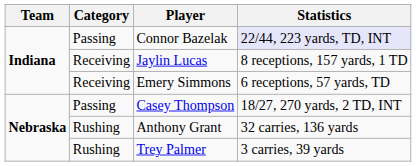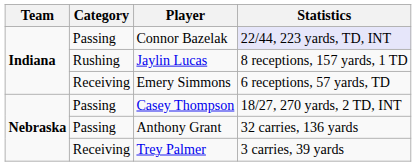 <table class="wikitable" style="float: right;">
 <tr>
 <th>Team</th>
 <th>Category</th>
 <th>Player</th>
 <th>Statistics</th>
 </tr>
 <tr>
 <td rowspan=3><strong>Indiana</strong></td>
 <td>Passing</td>
 <td>Connor Bazelak</td>
 <td style="background: lavender;">22/44, 223 yards, TD, INT</td>
 </tr>
 <tr>
-<td>Receiving</td>
+<td>Rushing</td>
 <td><a href='#'>Jaylin Lucas</a></td>
 <td>8 receptions, 157 yards, 1 TD</td>
 </tr>
 <tr>
 <td>Receiving</td>
 <td>Emery Simmons</td>
 <td>6 receptions, 57 yards, TD</td>
 </tr>
 <tr>
 <td rowspan=3><strong>Nebraska</strong></td>
 <td>Passing</td>
 <td><a href='#'>Casey Thompson</a></td>
 <td>18/27, 270 yards, 2 TD, INT</td>
 </tr>
 <tr>
-<td>Rushing</td>
+<td>Passing</td>
 <td>Anthony Grant</td>
 <td>32 carries, 136 yards</td>
 </tr>
 <tr>
-<td>Rushing</td>
+<td>Receiving</td>
 <td><a href='#'>Trey Palmer</a></td>
 <td>3 carries, 39 yards</td>
 </tr>
 </table>
